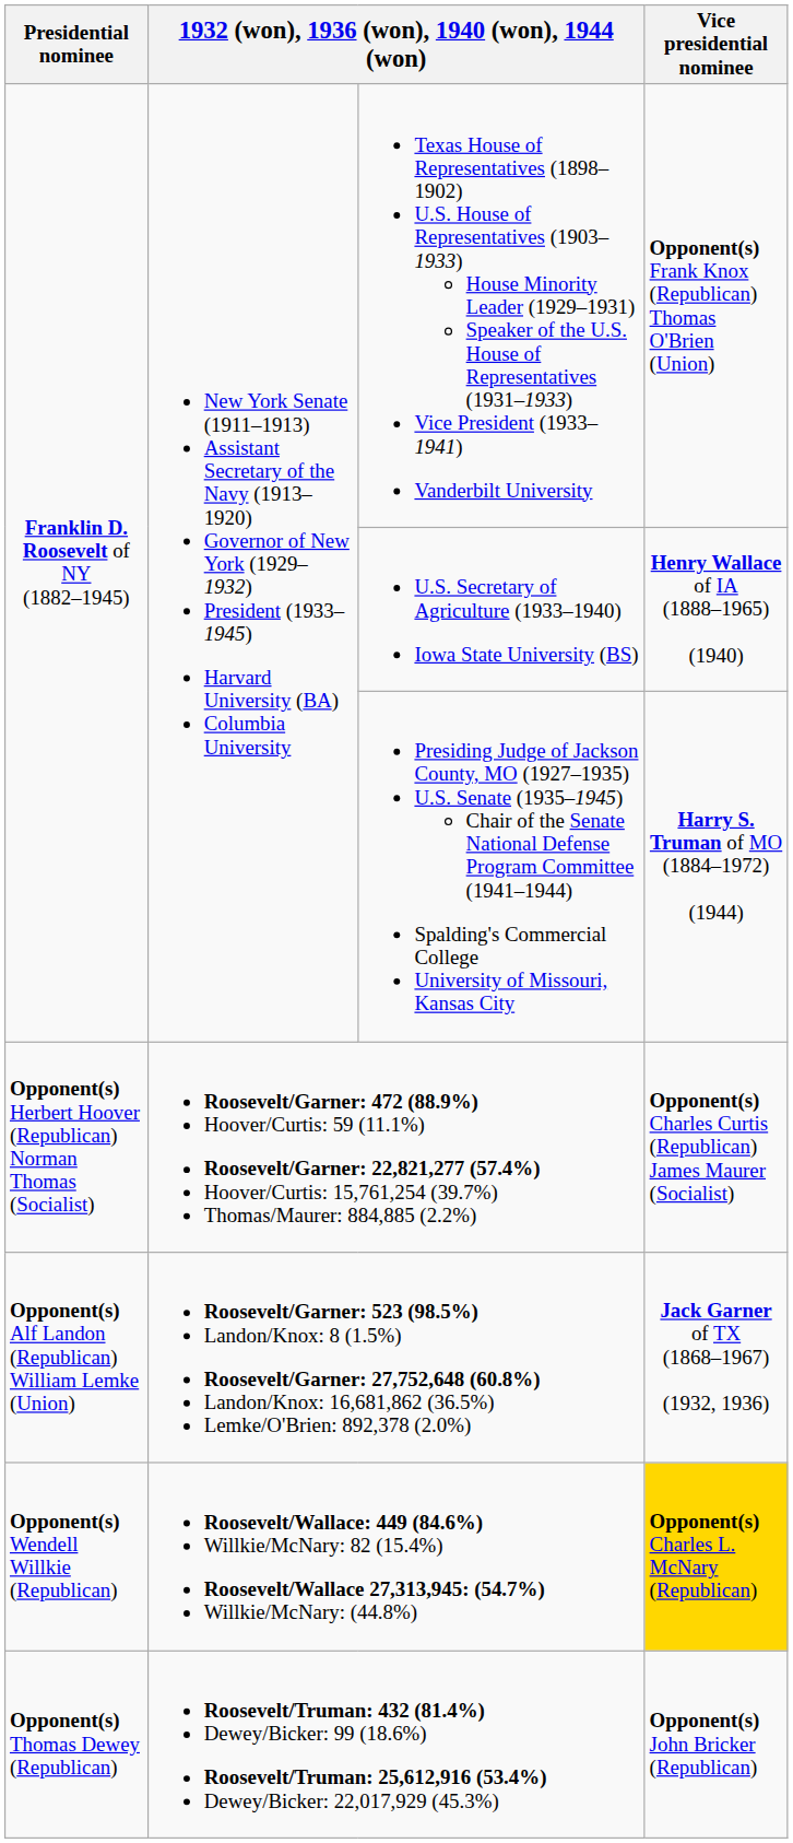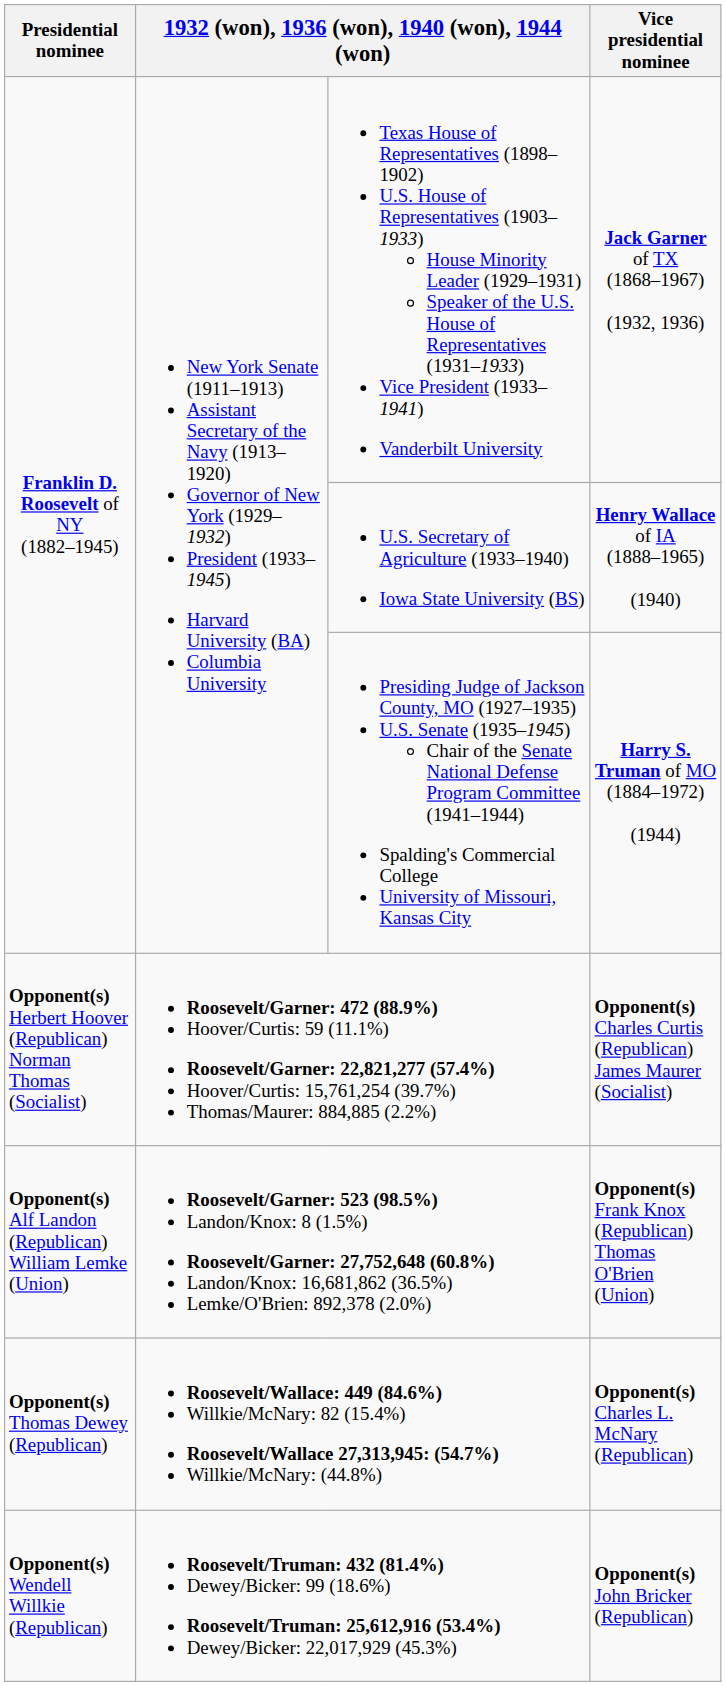 <table class="wikitable">
 <tr>
 <th width=175>Presidential<br>nominee</th>
 <th colspan=2><big><a href='#'>1932</a> (won), <a href='#'>1936</a> (won), <a href='#'>1940</a> (won), <a href='#'>1944</a> (won)</big></th>
 <th width=175>Vice presidential<br>nominee</th>
 </tr>
 <tr>
 <td rowspan=3 style="text-align:center;"><strong><a href='#'>Franklin D. Roosevelt</a></strong> of <a href='#'>NY</a><br>(1882–1945)<br></td>
 <td rowspan=3 width=350><br><ul><li><a href='#'>New York Senate</a> (1911–1913)</li><li><a href='#'>Assistant Secretary of the Navy</a> (1913–1920)</li><li><a href='#'>Governor of New York</a> (1929–<em>1932</em>)</li><li><a href='#'>President</a> (1933–<em>1945</em>)</li></ul><ul><li><a href='#'>Harvard University</a> (<a href='#'>BA</a>)</li><li><a href='#'>Columbia University</a></li></ul></td>
 <td width=350><br><ul><li><a href='#'>Texas House of Representatives</a> (1898–1902)</li><li><a href='#'>U.S. House of Representatives</a> (1903–<em>1933</em>)<ul><li><a href='#'>House Minority Leader</a> (1929–1931)</li><li><a href='#'>Speaker of the U.S. House of Representatives</a> (1931–<em>1933</em>)</li></ul></li><li><a href='#'>Vice President</a> (1933–<em>1941</em>)</li></ul><ul><li><a href='#'>Vanderbilt University</a></li></ul></td>
-<td><strong>Opponent(s)</strong><br><a href='#'>Frank Knox</a> (<a href='#'>Republican</a>)<br><a href='#'>Thomas O'Brien</a> (<a href='#'>Union</a>)</td>
+<td style="text-align:center;"><strong><a href='#'>Jack Garner</a></strong> of <a href='#'>TX</a><br>(1868–1967)<br><br>(1932, 1936)</td>
 </tr>
 <tr>
 <td><br><ul><li><a href='#'>U.S. Secretary of Agriculture</a> (1933–1940)</li></ul><ul><li><a href='#'>Iowa State University</a> (<a href='#'>BS</a>)</li></ul></td>
 <td style="text-align:center;"><strong><a href='#'>Henry Wallace</a></strong> of <a href='#'>IA</a><br>(1888–1965)<br><br>(1940)</td>
 </tr>
 <tr>
 <td><br><ul><li><a href='#'>Presiding Judge of Jackson County, MO</a> (1927–1935)</li><li><a href='#'>U.S. Senate</a> (1935–<em>1945</em>)<ul><li>Chair of the <a href='#'>Senate National Defense Program Committee</a> (1941–1944)</li></ul></li></ul><ul><li>Spalding's Commercial College</li><li><a href='#'>University of Missouri, Kansas City</a></li></ul></td>
 <td style="text-align:center;"><strong><a href='#'>Harry S. Truman</a></strong> of <a href='#'>MO</a><br>(1884–1972)<br><br>(1944)</td>
 </tr>
 <tr>
 <td><strong>Opponent(s)</strong><br><a href='#'>Herbert Hoover</a> (<a href='#'>Republican</a>)<br><a href='#'>Norman Thomas</a> (<a href='#'>Socialist</a>)</td>
 <td colspan=2><br><ul><li><strong>Roosevelt/Garner: 472 (88.9%)</strong></li><li>Hoover/Curtis: 59 (11.1%)</li></ul><ul><li><strong>Roosevelt/Garner: 22,821,277 (57.4%)</strong></li><li>Hoover/Curtis: 15,761,254 (39.7%)</li><li>Thomas/Maurer: 884,885 (2.2%)</li></ul></td>
 <td><strong>Opponent(s)</strong><br><a href='#'>Charles Curtis</a> (<a href='#'>Republican</a>)<br><a href='#'>James Maurer</a> (<a href='#'>Socialist</a>)</td>
 </tr>
 <tr>
 <td><strong>Opponent(s)</strong><br><a href='#'>Alf Landon</a> (<a href='#'>Republican</a>)<br><a href='#'>William Lemke</a> (<a href='#'>Union</a>)</td>
 <td colspan=2><br><ul><li><strong>Roosevelt/Garner: 523 (98.5%)</strong></li><li>Landon/Knox: 8 (1.5%)</li></ul><ul><li><strong>Roosevelt/Garner: 27,752,648 (60.8%)</strong></li><li>Landon/Knox: 16,681,862 (36.5%)</li><li>Lemke/O'Brien: 892,378 (2.0%)</li></ul></td>
-<td style="text-align:center;"><strong><a href='#'>Jack Garner</a></strong> of <a href='#'>TX</a><br>(1868–1967)<br><br>(1932, 1936)</td>
+<td><strong>Opponent(s)</strong><br><a href='#'>Frank Knox</a> (<a href='#'>Republican</a>)<br><a href='#'>Thomas O'Brien</a> (<a href='#'>Union</a>)</td>
+</tr>
+<tr>
+<td><strong>Opponent(s)</strong><br><a href='#'>Thomas Dewey</a> (<a href='#'>Republican</a>)</td>
+<td colspan=2><br><ul><li><strong>Roosevelt/Wallace: 449 (84.6%)</strong></li><li>Willkie/McNary: 82 (15.4%)</li></ul><ul><li><strong>Roosevelt/Wallace 27,313,945: (54.7%)</strong></li><li>Willkie/McNary: (44.8%)</li></ul></td>
+<td><strong>Opponent(s)</strong><br><a href='#'>Charles L. McNary</a> (<a href='#'>Republican</a>)</td>
 </tr>
 <tr>
 <td><strong>Opponent(s)</strong><br><a href='#'>Wendell Willkie</a> (<a href='#'>Republican</a>)</td>
-<td colspan=2><br><ul><li><strong>Roosevelt/Wallace: 449 (84.6%)</strong></li><li>Willkie/McNary: 82 (15.4%)</li></ul><ul><li><strong>Roosevelt/Wallace 27,313,945: (54.7%)</strong></li><li>Willkie/McNary: (44.8%)</li></ul></td>
-<td style="background: gold;"><strong>Opponent(s)</strong><br><a href='#'>Charles L. McNary</a> (<a href='#'>Republican</a>)</td>
-</tr>
-<tr>
-<td><strong>Opponent(s)</strong><br><a href='#'>Thomas Dewey</a> (<a href='#'>Republican</a>)</td>
 <td colspan=2><br><ul><li><strong>Roosevelt/Truman: 432 (81.4%)</strong></li><li>Dewey/Bicker: 99 (18.6%)</li></ul><ul><li><strong>Roosevelt/Truman: 25,612,916 (53.4%)</strong></li><li>Dewey/Bicker: 22,017,929 (45.3%)</li></ul></td>
 <td><strong>Opponent(s)</strong><br><a href='#'>John Bricker</a> (<a href='#'>Republican</a>)</td>
 </tr>
 </table>
